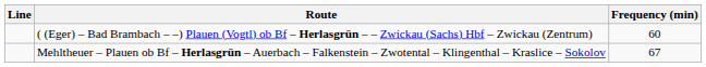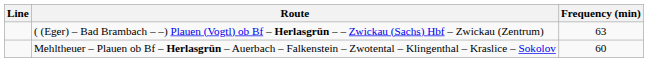 <table class="wikitable">
 <tr>
 <th>Line</th>
 <th>Route</th>
 <th>Frequency (min)</th>
 </tr>
 <tr>
 <td align="center"></td>
 <td>( (Eger) – Bad Brambach –  –) <a href='#'>Plauen (Vogtl) ob Bf</a> – <strong>Herlasgrün</strong> –  – <a href='#'>Zwickau (Sachs) Hbf</a> – Zwickau (Zentrum)</td>
-<td align=center>60</td>
+<td align=center>63</td>
 </tr>
 <tr>
 <td align="center"></td>
 <td>Mehltheuer – Plauen ob Bf – <strong>Herlasgrün</strong> – Auerbach – Falkenstein – Zwotental – Klingenthal – Kraslice – <a href='#'>Sokolov</a></td>
-<td align=center>67</td>
+<td align=center>60</td>
 </tr>
 </table>
